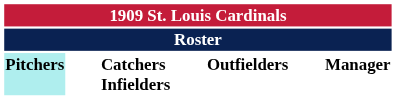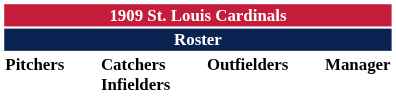 <table class="toccolours" style="font-size: 95%;">
 <tr>
 <th colspan="10" style="background-color: #c41c3a; color: white; text-align: center;">1909 St. Louis Cardinals</th>
 </tr>
 <tr>
 <td colspan="10" style="background-color: #0a2252; color: white; text-align: center;"><strong>Roster</strong></td>
 </tr>
 <tr>
-<td valign="top" style="background: paleturquoise;"><strong>Pitchers</strong><br>             </td>
+<td valign="top"><strong>Pitchers</strong><br>             </td>
 <td width="25px"></td>
 <td valign="top"><strong>Catchers</strong><br>    <strong>Infielders</strong>           </td>
 <td width="25px"></td>
 <td valign="top"><strong>Outfielders</strong><br>     </td>
 <td width="25px"></td>
 <td valign="top"><strong>Manager</strong><br></td>
 </tr>
 </table>
